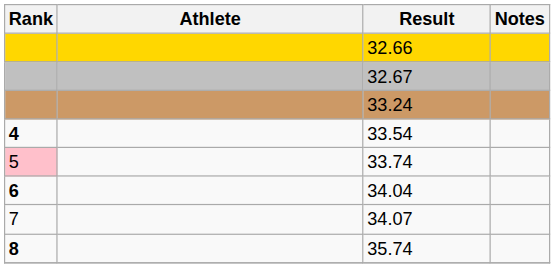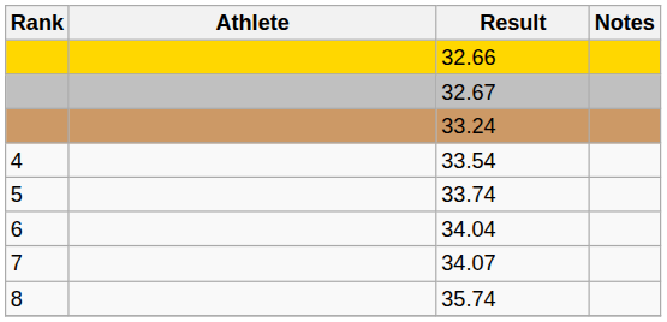 <table class="wikitable" style="font-size:95%" style="width:35em;" style="text-align:center">
 <tr>
 <th>Rank</th>
 <th width=250>Athlete</th>
 <th width=100>Result</th>
 <th>Notes</th>
 </tr>
 <tr bgcolor=gold>
 <td></td>
 <td align=left></td>
 <td>32.66</td>
 <td></td>
 </tr>
 <tr bgcolor=silver>
 <td></td>
 <td align=left></td>
 <td>32.67</td>
 <td></td>
 </tr>
 <tr bgcolor=cc9966>
 <td></td>
 <td align=left></td>
 <td>33.24</td>
 <td></td>
 </tr>
 <tr>
-<td><strong>4</strong></td>
+<td>4</td>
 <td align=left></td>
 <td>33.54</td>
 <td></td>
 </tr>
 <tr>
-<td style="background: pink;">5</td>
+<td>5</td>
 <td align=left></td>
 <td>33.74</td>
 <td></td>
 </tr>
 <tr>
-<td><strong>6</strong></td>
+<td>6</td>
 <td align=left></td>
 <td>34.04</td>
 <td></td>
 </tr>
 <tr>
 <td>7</td>
 <td align=left></td>
 <td>34.07</td>
 <td></td>
 </tr>
 <tr>
-<td><strong>8</strong></td>
+<td>8</td>
 <td align=left></td>
 <td>35.74</td>
 <td></td>
 </tr>
 <tr>
 </tr>
 </table>
